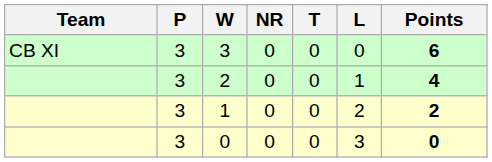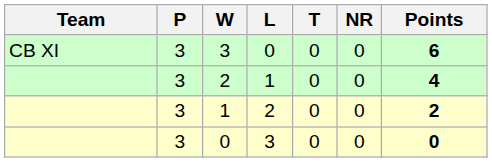 <table class="wikitable" style="text-align:center;">
 <tr>
 <th width=120>Team</th>
 <th width=30 abbr="Played">P</th>
 <th width=30 abbr="Won">W</th>
+<th width=30 abbr="Lost">L</th>
+<th width=30 abbr="Tied">T</th>
 <th width=30 abbr="No result">NR</th>
-<th width=30 abbr="Tied">T</th>
-<th width=30 abbr="Lost">L</th>
 <th width=80 abbr="Points">Points</th>
 </tr>
 <tr bgcolor=ccffcc>
 <td align="left"> CB XI</td>
 <td>3</td>
 <td>3</td>
 <td>0</td>
 <td>0</td>
 <td>0</td>
 <td><strong>6</strong></td>
 </tr>
 <tr bgcolor=ccffcc>
 <td align="left"></td>
 <td>3</td>
 <td>2</td>
+<td>1</td>
 <td>0</td>
 <td>0</td>
-<td>1</td>
 <td><strong>4</strong></td>
 </tr>
 <tr bgcolor=ffffcc>
 <td align="left"></td>
 <td>3</td>
 <td>1</td>
+<td>2</td>
 <td>0</td>
 <td>0</td>
-<td>2</td>
 <td><strong>2</strong></td>
 </tr>
 <tr bgcolor=ffffcc>
 <td align="left"></td>
 <td>3</td>
 <td>0</td>
+<td>3</td>
 <td>0</td>
 <td>0</td>
-<td>3</td>
 <td><strong>0</strong></td>
 </tr>
 </table>
